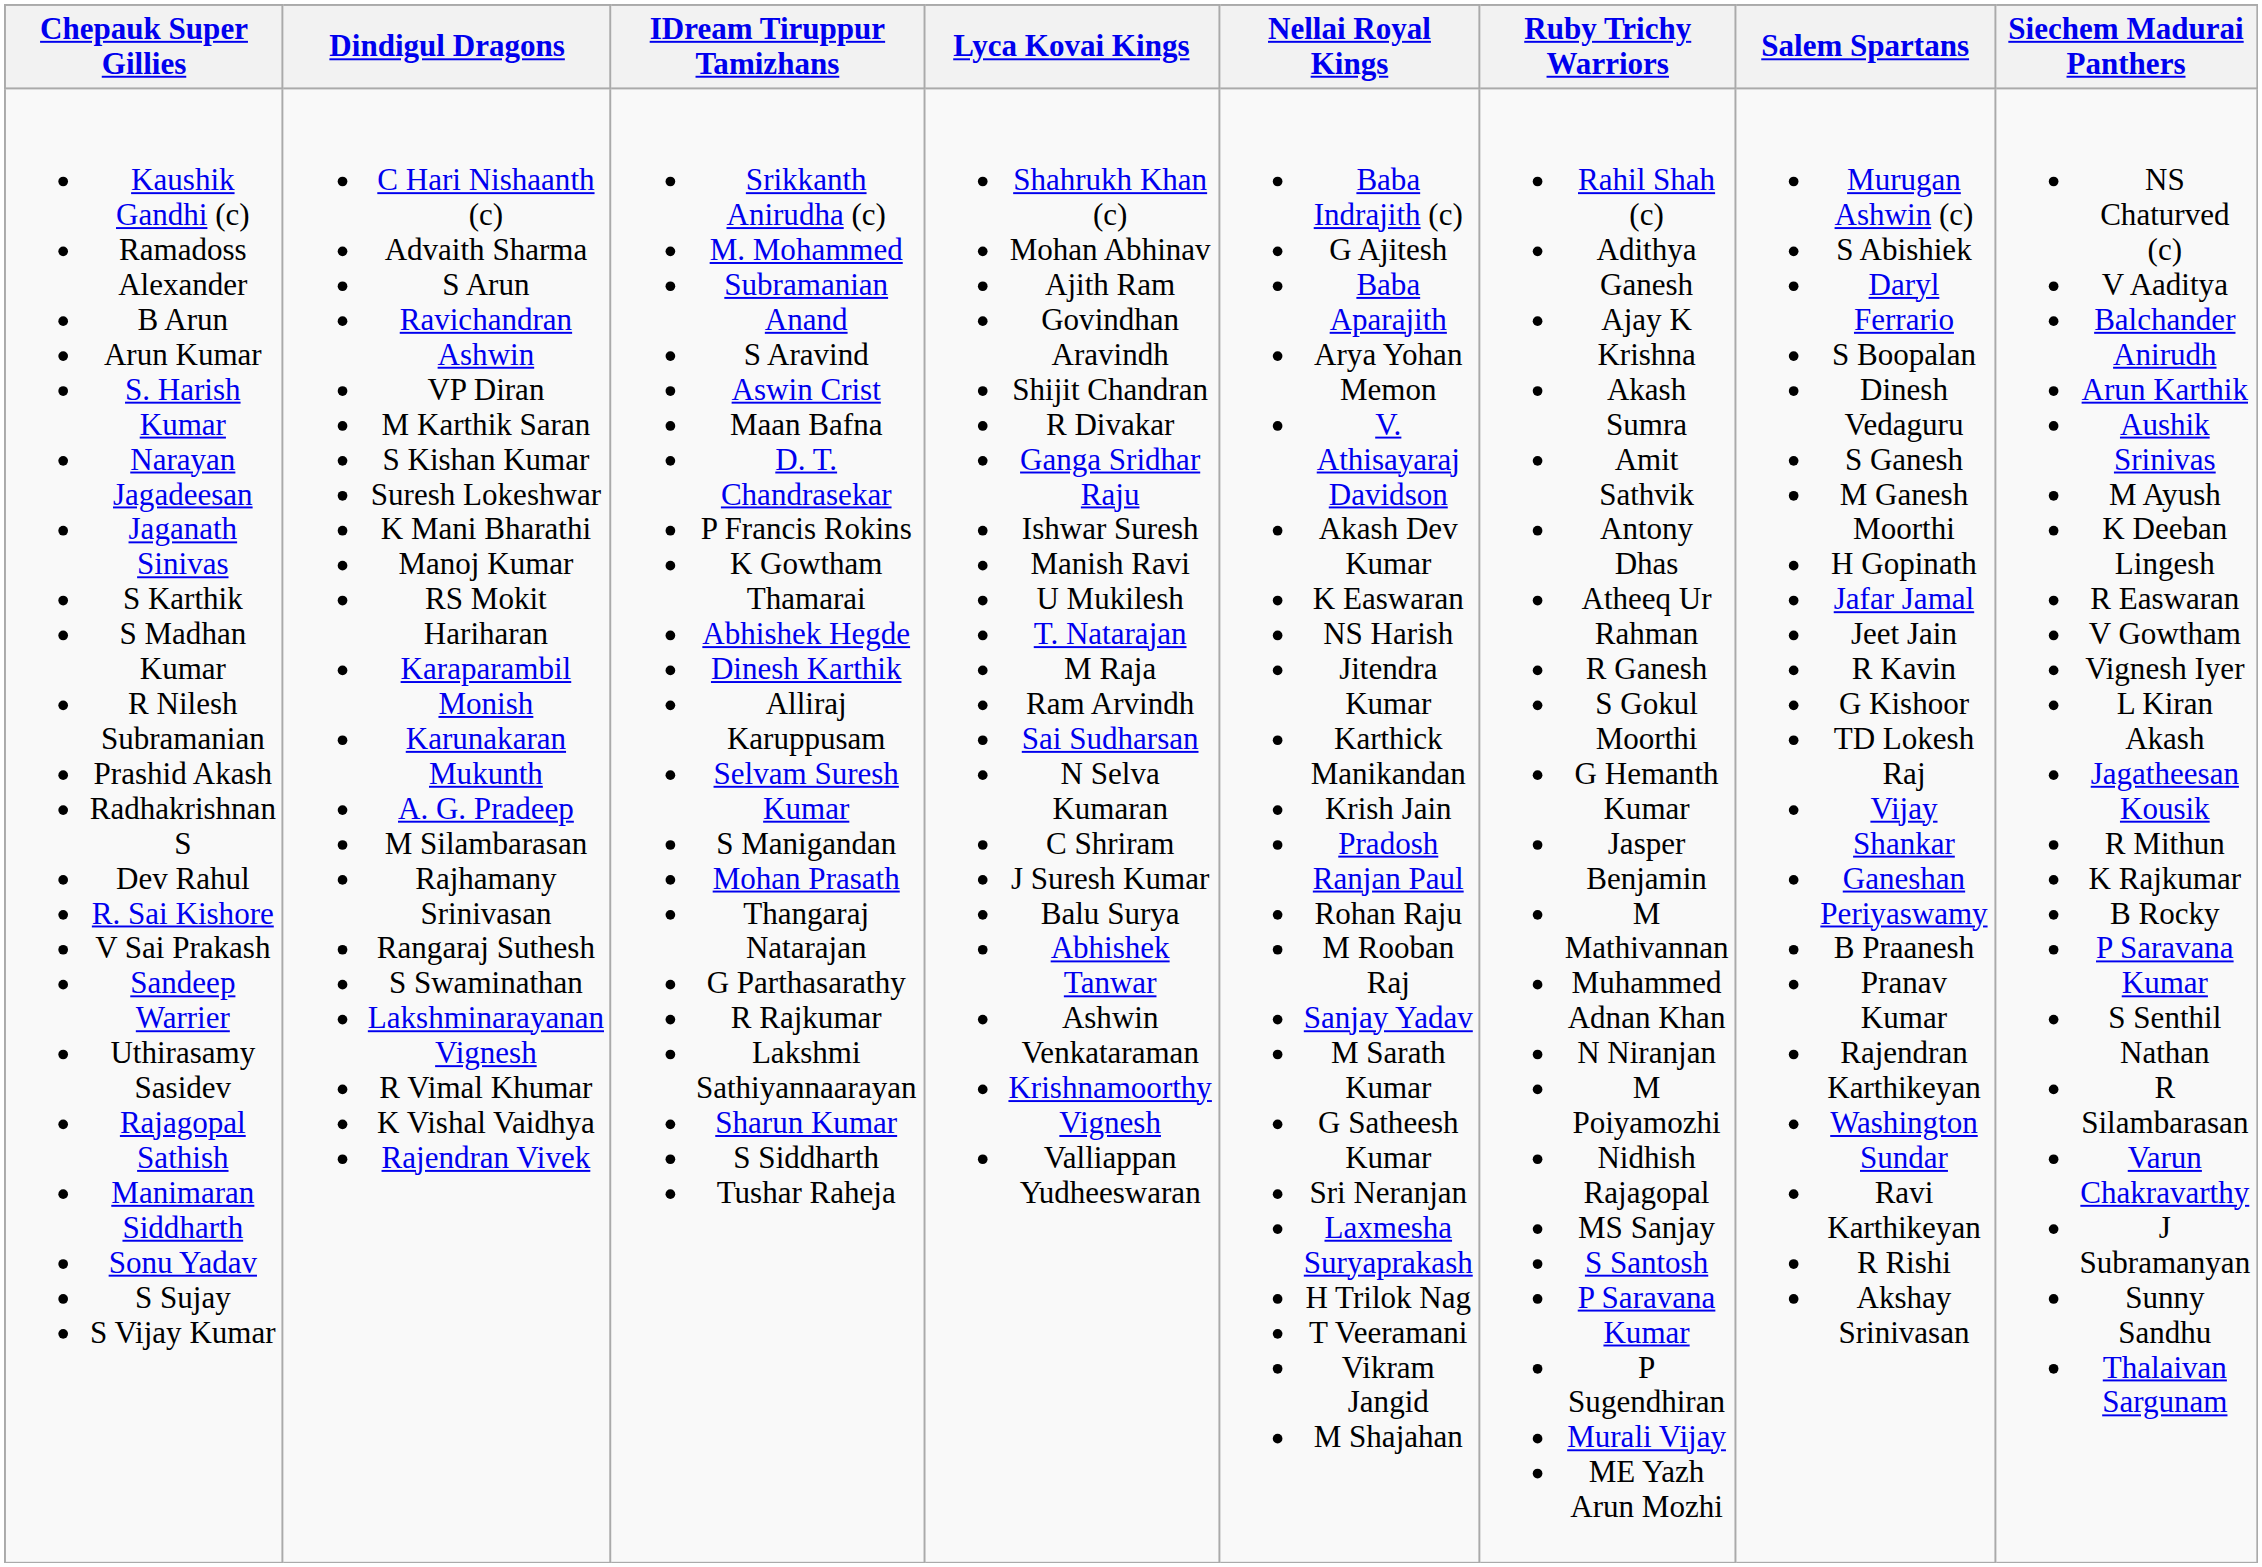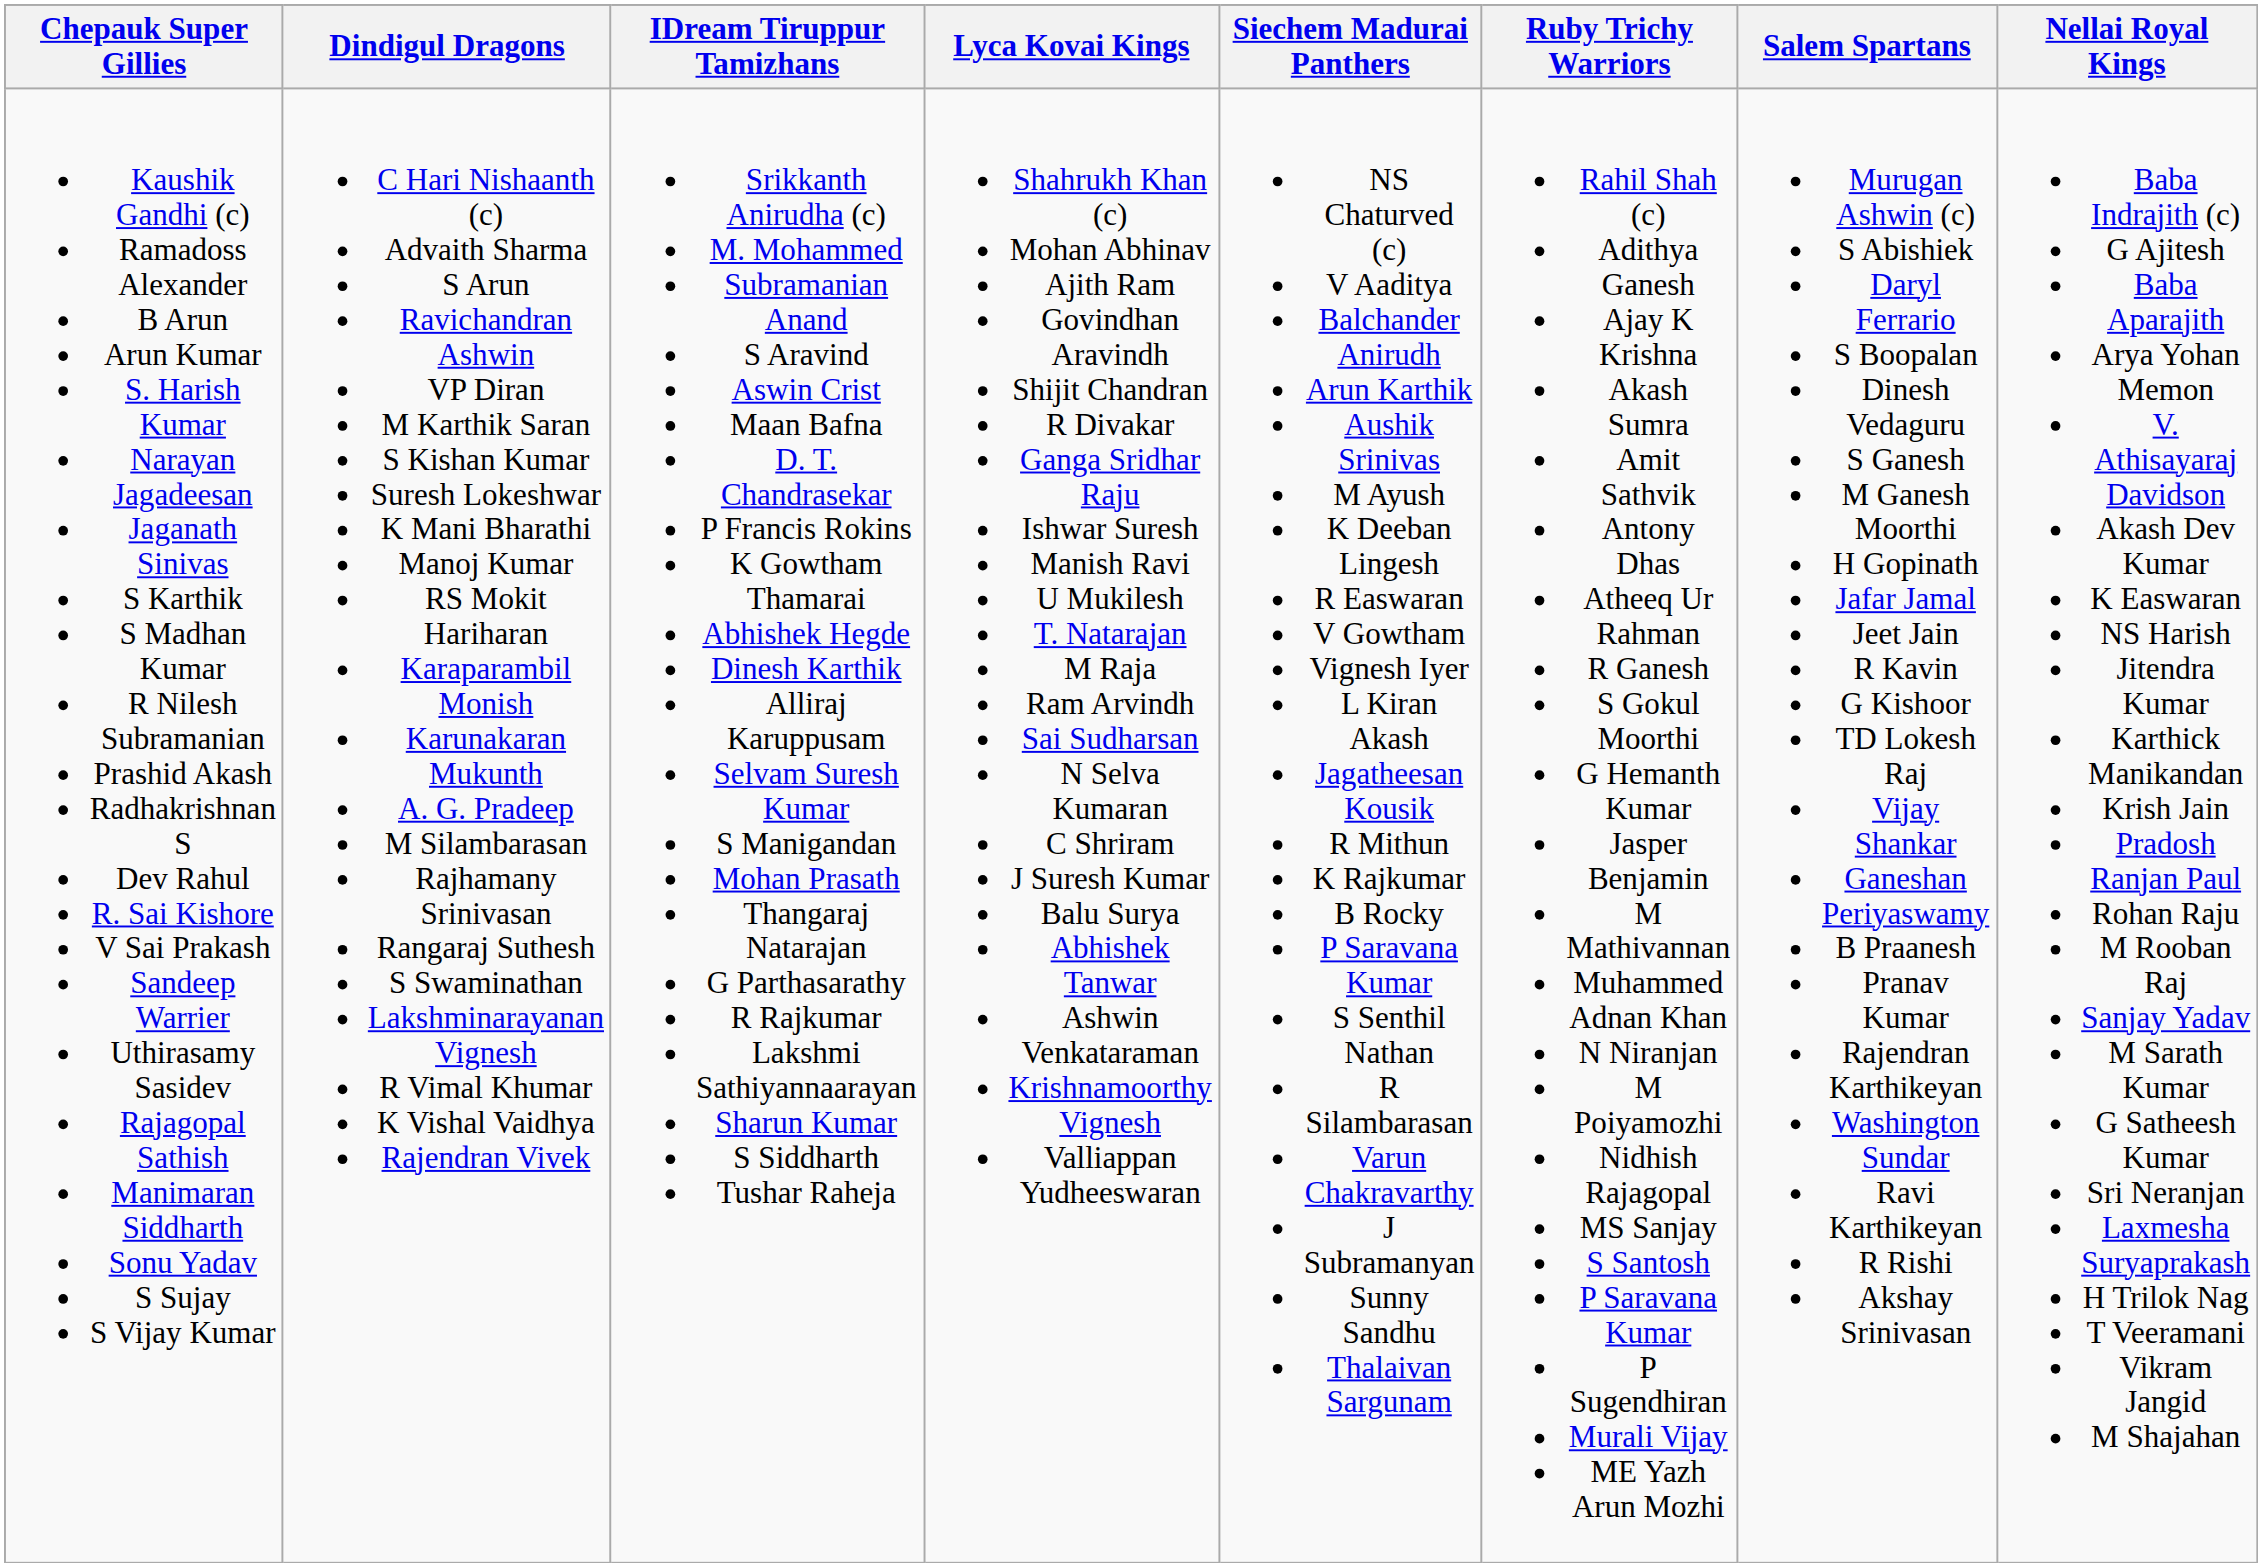 <table class="wikitable" style="text-align:center; margin:auto">
 <tr>
 <th><a href='#'>Chepauk Super Gillies</a></th>
 <th><a href='#'>Dindigul Dragons</a></th>
 <th><a href='#'>IDream Tiruppur Tamizhans</a></th>
 <th><a href='#'>Lyca Kovai Kings</a></th>
-<th><a href='#'>Nellai Royal Kings</a></th>
+<th><a href='#'>Siechem Madurai Panthers</a></th>
 <th><a href='#'>Ruby Trichy Warriors</a></th>
 <th><a href='#'>Salem Spartans</a></th>
-<th><a href='#'>Siechem Madurai Panthers</a></th>
+<th><a href='#'>Nellai Royal Kings</a></th>
 </tr>
 <tr style="vertical-align:top">
 <td><br><ul><li><a href='#'>Kaushik Gandhi</a> (c)</li><li>Ramadoss Alexander</li><li>B Arun</li><li>Arun Kumar</li><li><a href='#'>S. Harish Kumar</a></li><li><a href='#'>Narayan Jagadeesan</a></li><li><a href='#'>Jaganath Sinivas</a></li><li>S Karthik</li><li>S Madhan Kumar</li><li>R Nilesh Subramanian</li><li>Prashid Akash</li><li>Radhakrishnan S</li><li>Dev Rahul</li><li><a href='#'>R. Sai Kishore</a></li><li>V Sai Prakash</li><li><a href='#'>Sandeep Warrier</a></li><li>Uthirasamy Sasidev</li><li><a href='#'>Rajagopal Sathish</a></li><li><a href='#'>Manimaran Siddharth</a></li><li><a href='#'>Sonu Yadav</a></li><li>S Sujay</li><li>S Vijay Kumar</li></ul></td>
 <td><br><ul><li><a href='#'>C Hari Nishaanth</a> (c)</li><li>Advaith Sharma</li><li>S Arun</li><li><a href='#'>Ravichandran Ashwin</a></li><li>VP Diran</li><li>M Karthik Saran</li><li>S Kishan Kumar</li><li>Suresh Lokeshwar</li><li>K Mani Bharathi</li><li>Manoj Kumar</li><li>RS Mokit Hariharan</li><li><a href='#'>Karaparambil Monish</a></li><li><a href='#'>Karunakaran Mukunth</a></li><li><a href='#'>A. G. Pradeep</a></li><li>M Silambarasan</li><li>Rajhamany Srinivasan</li><li>Rangaraj Suthesh</li><li>S Swaminathan</li><li><a href='#'>Lakshminarayanan Vignesh</a></li><li>R Vimal Khumar</li><li>K Vishal Vaidhya</li><li><a href='#'>Rajendran Vivek</a></li></ul></td>
 <td><br><ul><li><a href='#'>Srikkanth Anirudha</a> (c)</li><li><a href='#'>M. Mohammed</a></li><li><a href='#'>Subramanian Anand</a></li><li>S Aravind</li><li><a href='#'>Aswin Crist</a></li><li>Maan Bafna</li><li><a href='#'>D. T. Chandrasekar</a></li><li>P Francis Rokins</li><li>K Gowtham Thamarai</li><li><a href='#'>Abhishek Hegde</a></li><li><a href='#'>Dinesh Karthik</a></li><li>Alliraj Karuppusam</li><li><a href='#'>Selvam Suresh Kumar</a></li><li>S Manigandan</li><li><a href='#'>Mohan Prasath</a></li><li>Thangaraj Natarajan</li><li>G Parthasarathy</li><li>R Rajkumar</li><li>Lakshmi Sathiyannaarayan</li><li><a href='#'>Sharun Kumar</a></li><li>S Siddharth</li><li>Tushar Raheja</li></ul></td>
 <td><br><ul><li><a href='#'>Shahrukh Khan</a> (c)</li><li>Mohan Abhinav</li><li>Ajith Ram</li><li>Govindhan Aravindh</li><li>Shijit Chandran</li><li>R Divakar</li><li><a href='#'>Ganga Sridhar Raju</a></li><li>Ishwar Suresh</li><li>Manish Ravi</li><li>U Mukilesh</li><li><a href='#'>T. Natarajan</a></li><li>M Raja</li><li>Ram Arvindh</li><li><a href='#'>Sai Sudharsan</a></li><li>N Selva Kumaran</li><li>C Shriram</li><li>J Suresh Kumar</li><li>Balu Surya</li><li><a href='#'>Abhishek Tanwar</a></li><li>Ashwin Venkataraman</li><li><a href='#'>Krishnamoorthy Vignesh</a></li><li>Valliappan Yudheeswaran</li></ul></td>
-<td><br><ul><li><a href='#'>Baba Indrajith</a> (c)</li><li>G Ajitesh</li><li><a href='#'>Baba Aparajith</a></li><li>Arya Yohan Memon</li><li><a href='#'>V. Athisayaraj Davidson</a></li><li>Akash Dev Kumar</li><li>K Easwaran</li><li>NS Harish</li><li>Jitendra Kumar</li><li>Karthick Manikandan</li><li>Krish Jain</li><li><a href='#'>Pradosh Ranjan Paul</a></li><li>Rohan Raju</li><li>M Rooban Raj</li><li><a href='#'>Sanjay Yadav</a></li><li>M Sarath Kumar</li><li>G Satheesh Kumar</li><li>Sri Neranjan</li><li><a href='#'>Laxmesha Suryaprakash</a></li><li>H Trilok Nag</li><li>T Veeramani</li><li>Vikram Jangid</li><li>M Shajahan</li></ul></td>
+<td><br><ul><li>NS Chaturved (c)</li><li>V Aaditya</li><li><a href='#'>Balchander Anirudh</a></li><li><a href='#'>Arun Karthik</a></li><li><a href='#'>Aushik Srinivas</a></li><li>M Ayush</li><li>K Deeban Lingesh</li><li>R Easwaran</li><li>V Gowtham</li><li>Vignesh Iyer</li><li>L Kiran Akash</li><li><a href='#'>Jagatheesan Kousik</a></li><li>R Mithun</li><li>K Rajkumar</li><li>B Rocky</li><li><a href='#'>P Saravana Kumar</a></li><li>S Senthil Nathan</li><li>R Silambarasan</li><li><a href='#'>Varun Chakravarthy</a></li><li>J Subramanyan</li><li>Sunny Sandhu</li><li><a href='#'>Thalaivan Sargunam</a></li></ul></td>
 <td><br><ul><li><a href='#'>Rahil Shah</a> (c)</li><li>Adithya Ganesh</li><li>Ajay K Krishna</li><li>Akash Sumra</li><li>Amit Sathvik</li><li>Antony Dhas</li><li>Atheeq Ur Rahman</li><li>R Ganesh</li><li>S Gokul Moorthi</li><li>G Hemanth Kumar</li><li>Jasper Benjamin</li><li>M Mathivannan</li><li>Muhammed Adnan Khan</li><li>N Niranjan</li><li>M Poiyamozhi</li><li>Nidhish Rajagopal</li><li>MS Sanjay</li><li><a href='#'>S Santosh</a></li><li><a href='#'>P Saravana Kumar</a></li><li>P Sugendhiran</li><li><a href='#'>Murali Vijay</a></li><li>ME Yazh Arun Mozhi</li></ul></td>
 <td><br><ul><li><a href='#'>Murugan Ashwin</a> (c)</li><li>S Abishiek</li><li><a href='#'>Daryl Ferrario</a></li><li>S Boopalan</li><li>Dinesh Vedaguru</li><li>S Ganesh</li><li>M Ganesh Moorthi</li><li>H Gopinath</li><li><a href='#'>Jafar Jamal</a></li><li>Jeet Jain</li><li>R Kavin</li><li>G Kishoor</li><li>TD Lokesh Raj</li><li><a href='#'>Vijay Shankar</a></li><li><a href='#'>Ganeshan Periyaswamy</a></li><li>B Praanesh</li><li>Pranav Kumar</li><li>Rajendran Karthikeyan</li><li><a href='#'>Washington Sundar</a></li><li>Ravi Karthikeyan</li><li>R Rishi</li><li>Akshay Srinivasan</li></ul></td>
-<td><br><ul><li>NS Chaturved (c)</li><li>V Aaditya</li><li><a href='#'>Balchander Anirudh</a></li><li><a href='#'>Arun Karthik</a></li><li><a href='#'>Aushik Srinivas</a></li><li>M Ayush</li><li>K Deeban Lingesh</li><li>R Easwaran</li><li>V Gowtham</li><li>Vignesh Iyer</li><li>L Kiran Akash</li><li><a href='#'>Jagatheesan Kousik</a></li><li>R Mithun</li><li>K Rajkumar</li><li>B Rocky</li><li><a href='#'>P Saravana Kumar</a></li><li>S Senthil Nathan</li><li>R Silambarasan</li><li><a href='#'>Varun Chakravarthy</a></li><li>J Subramanyan</li><li>Sunny Sandhu</li><li><a href='#'>Thalaivan Sargunam</a></li></ul></td>
+<td><br><ul><li><a href='#'>Baba Indrajith</a> (c)</li><li>G Ajitesh</li><li><a href='#'>Baba Aparajith</a></li><li>Arya Yohan Memon</li><li><a href='#'>V. Athisayaraj Davidson</a></li><li>Akash Dev Kumar</li><li>K Easwaran</li><li>NS Harish</li><li>Jitendra Kumar</li><li>Karthick Manikandan</li><li>Krish Jain</li><li><a href='#'>Pradosh Ranjan Paul</a></li><li>Rohan Raju</li><li>M Rooban Raj</li><li><a href='#'>Sanjay Yadav</a></li><li>M Sarath Kumar</li><li>G Satheesh Kumar</li><li>Sri Neranjan</li><li><a href='#'>Laxmesha Suryaprakash</a></li><li>H Trilok Nag</li><li>T Veeramani</li><li>Vikram Jangid</li><li>M Shajahan</li></ul></td>
 </tr>
 </table>
